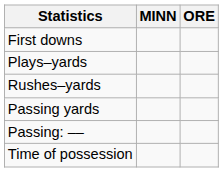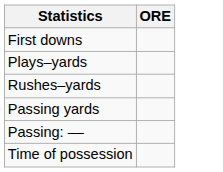 <table class="wikitable" style="float:left">
 <tr>
 <th>Statistics</th>
-<th>MINN</th>
 <th>ORE</th>
 </tr>
 <tr>
 <td>First downs</td>
 <td></td>
-<td></td>
 </tr>
 <tr>
 <td>Plays–yards</td>
-<td></td>
 <td></td>
 </tr>
 <tr>
 <td>Rushes–yards</td>
 <td></td>
-<td></td>
 </tr>
 <tr>
 <td>Passing yards</td>
-<td></td>
 <td></td>
 </tr>
 <tr>
 <td>Passing: ––</td>
 <td></td>
-<td></td>
 </tr>
 <tr>
 <td>Time of possession</td>
 <td></td>
-<td></td>
 </tr>
 </table>
